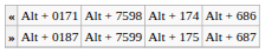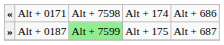 <table class=wikitable>
 <tr>
 <th>«</th>
 <td>Alt + 0171</td>
 <td>Alt + 7598</td>
 <td>Alt + 174</td>
 <td>Alt + 686</td>
 </tr>
 <tr>
 <th>»</th>
 <td>Alt + 0187</td>
-<td>Alt + 7599</td>
+<td style="background: lightgreen;">Alt + 7599</td>
 <td>Alt + 175</td>
 <td>Alt + 687</td>
 </tr>
 <tr>
 </tr>
 </table>
